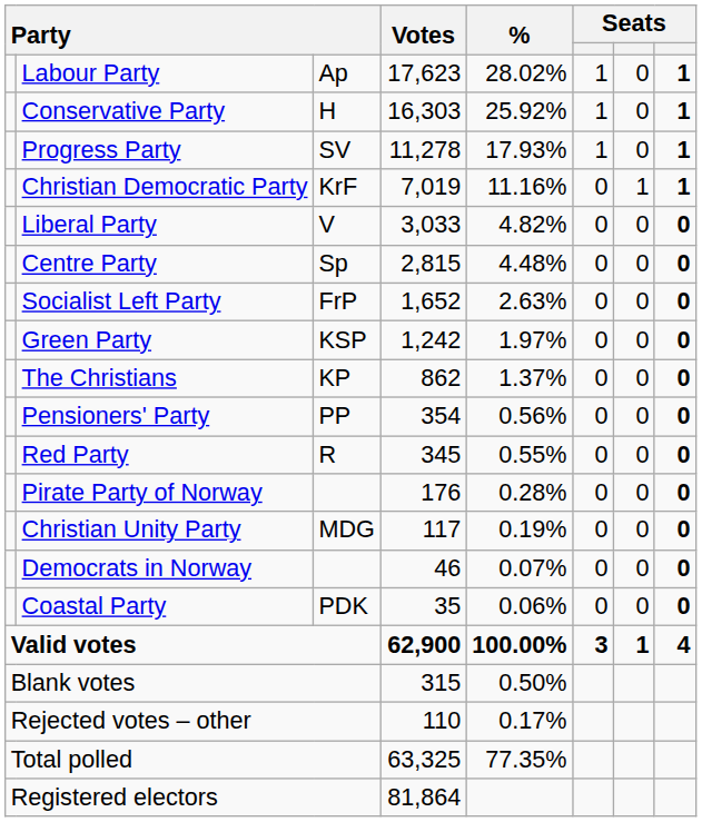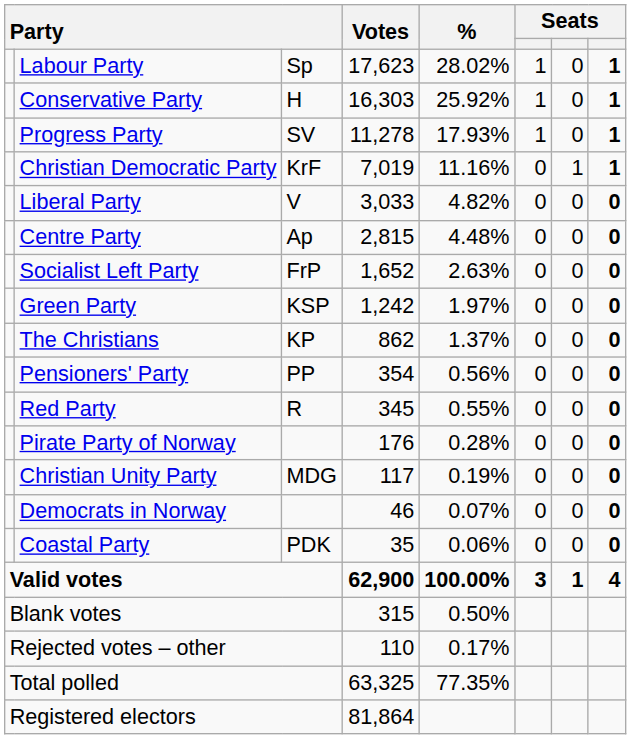 <table class="wikitable" border="1" style="text-align:right;">
 <tr>
 <th style="text-align:left;" valign=bottom rowspan=2 colspan=3>Party</th>
 <th align=center valign=bottom rowspan=2 width="50">Votes</th>
 <th align=center valign=bottom rowspan=2 width="50">%</th>
 <th colspan=3>Seats</th>
 </tr>
 <tr>
 <th align=center valign=bottom width="20"><small></small></th>
 <th align=center valign=bottom width="20"><small><a href='#'></a></small></th>
 <th align=center valign=bottom width="20"><small></small></th>
 </tr>
 <tr>
 <td style="color:inherit;background:"></td>
 <td align=left><a href='#'>Labour Party</a></td>
-<td align=left>Ap</td>
+<td align=left>Sp</td>
 <td>17,623</td>
 <td>28.02%</td>
 <td>1</td>
 <td>0</td>
 <td><strong>1</strong></td>
 </tr>
 <tr>
 <td style="color:inherit;background:"></td>
 <td align=left><a href='#'>Conservative Party</a></td>
 <td align=left>H</td>
 <td>16,303</td>
 <td>25.92%</td>
 <td>1</td>
 <td>0</td>
 <td><strong>1</strong></td>
 </tr>
 <tr>
 <td style="color:inherit;background:"></td>
 <td align=left><a href='#'>Progress Party</a></td>
 <td align=left>SV</td>
 <td>11,278</td>
 <td>17.93%</td>
 <td>1</td>
 <td>0</td>
 <td><strong>1</strong></td>
 </tr>
 <tr>
 <td style="color:inherit;background:"></td>
 <td align=left><a href='#'>Christian Democratic Party</a></td>
 <td align=left>KrF</td>
 <td>7,019</td>
 <td>11.16%</td>
 <td>0</td>
 <td>1</td>
 <td><strong>1</strong></td>
 </tr>
 <tr>
 <td style="color:inherit;background:"></td>
 <td align=left><a href='#'>Liberal Party</a></td>
 <td align=left>V</td>
 <td>3,033</td>
 <td>4.82%</td>
 <td>0</td>
 <td>0</td>
 <td><strong>0</strong></td>
 </tr>
 <tr>
 <td style="color:inherit;background:"></td>
 <td align=left><a href='#'>Centre Party</a></td>
-<td align=left>Sp</td>
+<td align=left>Ap</td>
 <td>2,815</td>
 <td>4.48%</td>
 <td>0</td>
 <td>0</td>
 <td><strong>0</strong></td>
 </tr>
 <tr>
 <td style="color:inherit;background:"></td>
 <td align=left><a href='#'>Socialist Left Party</a></td>
 <td align=left>FrP</td>
 <td>1,652</td>
 <td>2.63%</td>
 <td>0</td>
 <td>0</td>
 <td><strong>0</strong></td>
 </tr>
 <tr>
 <td style="color:inherit;background:"></td>
 <td align=left><a href='#'>Green Party</a></td>
 <td align=left>KSP</td>
 <td>1,242</td>
 <td>1.97%</td>
 <td>0</td>
 <td>0</td>
 <td><strong>0</strong></td>
 </tr>
 <tr>
 <td style="color:inherit;background:"></td>
 <td align=left><a href='#'>The Christians</a></td>
 <td align=left>KP</td>
 <td>862</td>
 <td>1.37%</td>
 <td>0</td>
 <td>0</td>
 <td><strong>0</strong></td>
 </tr>
 <tr>
 <td style="color:inherit;background:"></td>
 <td align=left><a href='#'>Pensioners' Party</a></td>
 <td align=left>PP</td>
 <td>354</td>
 <td>0.56%</td>
 <td>0</td>
 <td>0</td>
 <td><strong>0</strong></td>
 </tr>
 <tr>
 <td style="color:inherit;background:"></td>
 <td align=left><a href='#'>Red Party</a></td>
 <td align=left>R</td>
 <td>345</td>
 <td>0.55%</td>
 <td>0</td>
 <td>0</td>
 <td><strong>0</strong></td>
 </tr>
 <tr>
 <td style="color:inherit;background:"></td>
 <td align=left><a href='#'>Pirate Party of Norway</a></td>
 <td align=left></td>
 <td>176</td>
 <td>0.28%</td>
 <td>0</td>
 <td>0</td>
 <td><strong>0</strong></td>
 </tr>
 <tr>
 <td style="color:inherit;background:"></td>
 <td align=left><a href='#'>Christian Unity Party</a></td>
 <td align=left>MDG</td>
 <td>117</td>
 <td>0.19%</td>
 <td>0</td>
 <td>0</td>
 <td><strong>0</strong></td>
 </tr>
 <tr>
 <td style="color:inherit;background:"></td>
 <td align=left><a href='#'>Democrats in Norway</a></td>
 <td align=left></td>
 <td>46</td>
 <td>0.07%</td>
 <td>0</td>
 <td>0</td>
 <td><strong>0</strong></td>
 </tr>
 <tr>
 <td style="color:inherit;background:"></td>
 <td align=left><a href='#'>Coastal Party</a></td>
 <td align=left>PDK</td>
 <td>35</td>
 <td>0.06%</td>
 <td>0</td>
 <td>0</td>
 <td><strong>0</strong></td>
 </tr>
 <tr style="font-weight:bold">
 <td align=left colspan=3>Valid votes</td>
 <td>62,900</td>
 <td>100.00%</td>
 <td>3</td>
 <td>1</td>
 <td>4</td>
 </tr>
 <tr>
 <td align=left colspan=3>Blank votes</td>
 <td>315</td>
 <td>0.50%</td>
 <td></td>
 <td></td>
 <td></td>
 </tr>
 <tr>
 <td align=left colspan=3>Rejected votes – other</td>
 <td>110</td>
 <td>0.17%</td>
 <td></td>
 <td></td>
 <td></td>
 </tr>
 <tr>
 <td align=left colspan=3>Total polled</td>
 <td>63,325</td>
 <td>77.35%</td>
 <td></td>
 <td></td>
 <td></td>
 </tr>
 <tr>
 <td align=left colspan=3>Registered electors</td>
 <td>81,864</td>
 <td></td>
 <td></td>
 <td></td>
 <td></td>
 </tr>
 </table>
